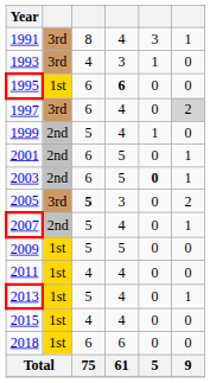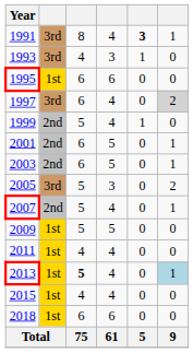 <table class="wikitable" style="text-align:center">
 <tr>
 <th>Year</th>
 <th></th>
 <th width=30></th>
 <th width=30></th>
 <th width=30></th>
 <th width=30></th>
 </tr>
 <tr>
 <td> <a href='#'>1991</a></td>
 <td bgcolor=#CC9966>3rd</td>
 <td>8</td>
 <td>4</td>
-<td>3</td>
+<td><strong>3</strong></td>
 <td>1</td>
 </tr>
 <tr>
 <td> <a href='#'>1993</a></td>
 <td bgcolor=#CC9966>3rd</td>
 <td>4</td>
 <td>3</td>
 <td>1</td>
 <td>0</td>
 </tr>
 <tr>
 <td style="border: 3px solid red"> <a href='#'>1995</a></td>
 <td bgcolor=gold>1st</td>
 <td>6</td>
-<td><strong>6</strong></td>
+<td>6</td>
 <td>0</td>
 <td>0</td>
 </tr>
 <tr>
 <td> <a href='#'>1997</a></td>
 <td bgcolor=#CC9966>3rd</td>
 <td>6</td>
 <td>4</td>
 <td>0</td>
 <td style="background: lightgrey;">2</td>
 </tr>
 <tr>
 <td> <a href='#'>1999</a></td>
 <td bgcolor=silver>2nd</td>
 <td>5</td>
 <td>4</td>
 <td>1</td>
 <td>0</td>
 </tr>
 <tr>
 <td> <a href='#'>2001</a></td>
 <td bgcolor=silver>2nd</td>
 <td>6</td>
 <td>5</td>
 <td>0</td>
 <td>1</td>
 </tr>
 <tr>
 <td> <a href='#'>2003</a></td>
 <td bgcolor=silver>2nd</td>
 <td>6</td>
 <td>5</td>
-<td><strong>0</strong></td>
+<td>0</td>
 <td>1</td>
 </tr>
 <tr>
 <td> <a href='#'>2005</a></td>
 <td bgcolor=#CC9966>3rd</td>
-<td><strong>5</strong></td>
+<td>5</td>
 <td>3</td>
 <td>0</td>
 <td>2</td>
 </tr>
 <tr>
 <td style="border: 3px solid red"> <a href='#'>2007</a></td>
 <td bgcolor=silver>2nd</td>
 <td>5</td>
 <td>4</td>
 <td>0</td>
 <td>1</td>
 </tr>
 <tr>
 <td> <a href='#'>2009</a></td>
 <td bgcolor=gold>1st</td>
 <td>5</td>
 <td>5</td>
 <td>0</td>
 <td>0</td>
 </tr>
 <tr>
 <td> <a href='#'>2011</a></td>
 <td bgcolor=gold>1st</td>
 <td>4</td>
 <td>4</td>
 <td>0</td>
 <td>0</td>
 </tr>
 <tr>
 <td style="border: 3px solid red"> <a href='#'>2013</a></td>
 <td bgcolor=gold>1st</td>
-<td>5</td>
+<td><strong>5</strong></td>
 <td>4</td>
 <td>0</td>
-<td>1</td>
+<td style="background: lightblue;">1</td>
 </tr>
 <tr>
 <td> <a href='#'>2015</a></td>
 <td bgcolor=gold>1st</td>
 <td>4</td>
 <td>4</td>
 <td>0</td>
 <td>0</td>
 </tr>
 <tr>
 <td> <a href='#'>2018</a></td>
 <td bgcolor=gold>1st</td>
 <td>6</td>
 <td>6</td>
 <td>0</td>
 <td>0</td>
 </tr>
 <tr>
 <th colspan=2>Total</th>
 <th>75</th>
 <th>61</th>
 <th>5</th>
 <th>9</th>
 </tr>
 <tr>
 </tr>
 </table>
